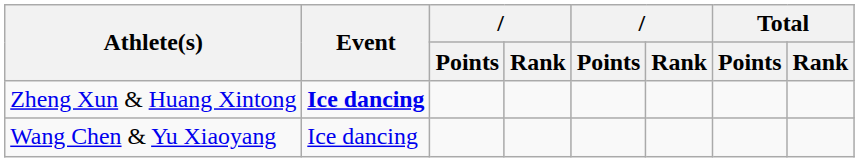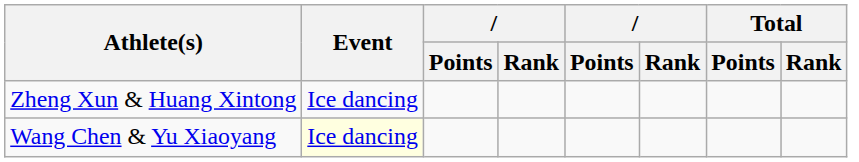 <table class="wikitable">
 <tr>
 <th rowspan="2">Athlete(s)</th>
 <th rowspan="2">Event</th>
 <th colspan="2">/</th>
 <th colspan="2">/</th>
 <th colspan="2">Total</th>
 </tr>
 <tr>
 <th>Points</th>
 <th>Rank</th>
 <th>Points</th>
 <th>Rank</th>
 <th>Points</th>
 <th>Rank</th>
 </tr>
 <tr>
 <td><a href='#'>Zheng Xun</a> & <a href='#'>Huang Xintong</a></td>
-<td><strong><a href='#'>Ice dancing</a></strong></td>
+<td><a href='#'>Ice dancing</a></td>
 <td></td>
 <td></td>
 <td></td>
 <td></td>
 <td></td>
 <td></td>
 </tr>
 <tr>
 <td><a href='#'>Wang Chen</a> & <a href='#'>Yu Xiaoyang</a></td>
-<td><a href='#'>Ice dancing</a></td>
+<td style="background: lightyellow;"><a href='#'>Ice dancing</a></td>
 <td></td>
 <td></td>
 <td></td>
 <td></td>
 <td></td>
 <td></td>
 </tr>
 </table>
